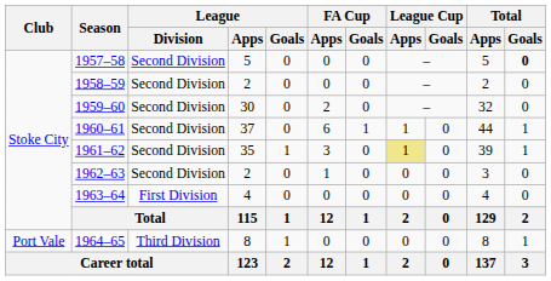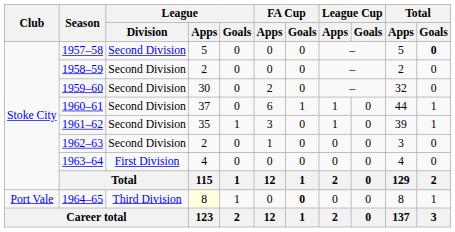 <table class="wikitable" style="text-align: center;">
 <tr>
 <th rowspan="2">Club</th>
 <th rowspan="2">Season</th>
 <th colspan="3">League</th>
 <th colspan="2">FA Cup</th>
 <th colspan="2">League Cup</th>
 <th colspan="2">Total</th>
 </tr>
 <tr>
 <th>Division</th>
 <th>Apps</th>
 <th>Goals</th>
 <th>Apps</th>
 <th>Goals</th>
 <th>Apps</th>
 <th>Goals</th>
 <th>Apps</th>
 <th>Goals</th>
 </tr>
 <tr>
 <td rowspan="8"><a href='#'>Stoke City</a></td>
 <td><a href='#'>1957–58</a></td>
 <td><a href='#'>Second Division</a></td>
 <td>5</td>
 <td>0</td>
 <td>0</td>
 <td>0</td>
 <td colspan="2">–</td>
 <td>5</td>
 <td><strong>0</strong></td>
 </tr>
 <tr>
 <td><a href='#'>1958–59</a></td>
 <td>Second Division</td>
 <td>2</td>
 <td>0</td>
 <td>0</td>
 <td>0</td>
 <td colspan="2">–</td>
 <td>2</td>
 <td>0</td>
 </tr>
 <tr>
 <td><a href='#'>1959–60</a></td>
 <td>Second Division</td>
 <td>30</td>
 <td>0</td>
 <td>2</td>
 <td>0</td>
 <td colspan="2">–</td>
 <td>32</td>
 <td>0</td>
 </tr>
 <tr>
 <td><a href='#'>1960–61</a></td>
 <td>Second Division</td>
 <td>37</td>
 <td>0</td>
 <td>6</td>
 <td>1</td>
 <td>1</td>
 <td>0</td>
 <td>44</td>
 <td>1</td>
 </tr>
 <tr>
 <td><a href='#'>1961–62</a></td>
 <td>Second Division</td>
 <td>35</td>
 <td>1</td>
 <td>3</td>
 <td>0</td>
-<td style="background: khaki;">1</td>
+<td>1</td>
 <td>0</td>
 <td>39</td>
 <td>1</td>
 </tr>
 <tr>
 <td><a href='#'>1962–63</a></td>
 <td>Second Division</td>
 <td>2</td>
 <td>0</td>
 <td>1</td>
 <td>0</td>
 <td>0</td>
 <td>0</td>
 <td>3</td>
 <td>0</td>
 </tr>
 <tr>
 <td><a href='#'>1963–64</a></td>
 <td><a href='#'>First Division</a></td>
 <td>4</td>
 <td>0</td>
 <td>0</td>
 <td>0</td>
 <td>0</td>
 <td>0</td>
 <td>4</td>
 <td>0</td>
 </tr>
 <tr>
 <th colspan="2">Total</th>
 <th>115</th>
 <th>1</th>
 <th>12</th>
 <th>1</th>
 <th>2</th>
 <th>0</th>
 <th>129</th>
 <th>2</th>
 </tr>
 <tr>
 <td><a href='#'>Port Vale</a></td>
 <td><a href='#'>1964–65</a></td>
 <td><a href='#'>Third Division</a></td>
-<td>8</td>
+<td style="background: lightyellow;">8</td>
 <td>1</td>
 <td>0</td>
-<td>0</td>
+<td><strong>0</strong></td>
 <td>0</td>
 <td>0</td>
 <td>8</td>
 <td>1</td>
 </tr>
 <tr>
 <th colspan="3">Career total</th>
 <th>123</th>
 <th>2</th>
 <th>12</th>
 <th>1</th>
 <th>2</th>
 <th>0</th>
 <th>137</th>
 <th>3</th>
 </tr>
 </table>
